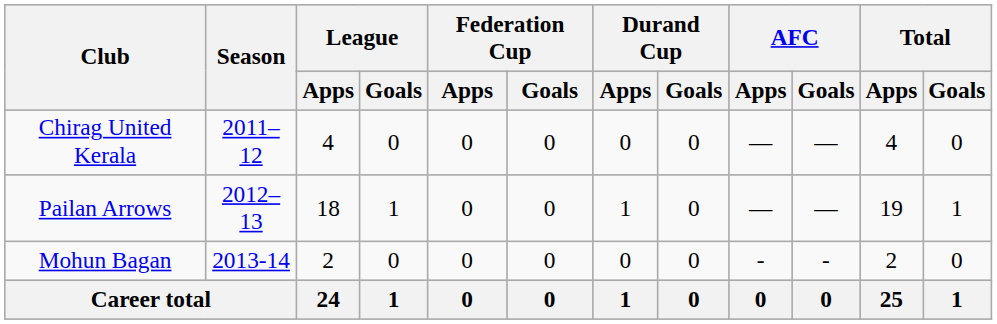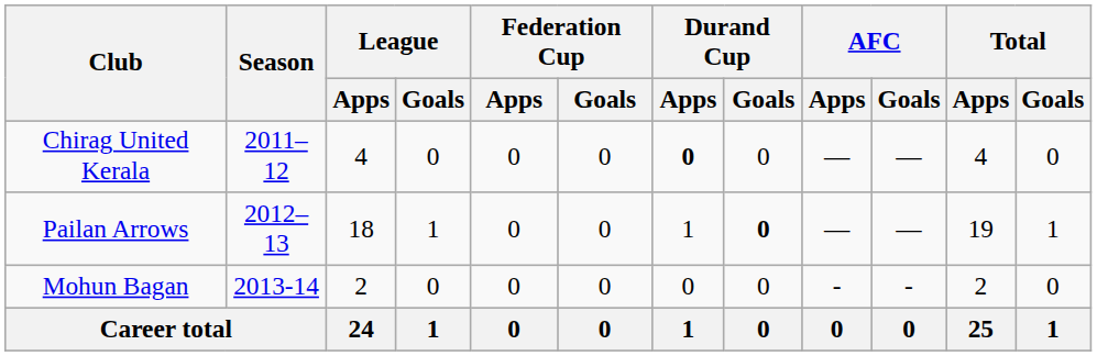 <table class="wikitable" style="font-size:90%; text-align:center;">
 <tr>
 <th rowspan="2">Club</th>
 <th rowspan="2">Season</th>
 <th colspan="2">League</th>
 <th colspan="2">Federation Cup</th>
 <th colspan="2">Durand Cup</th>
 <th colspan="2"><a href='#'>AFC</a></th>
 <th colspan="2">Total</th>
 </tr>
 <tr>
 <th>Apps</th>
 <th>Goals</th>
 <th>Apps</th>
 <th>Goals</th>
 <th>Apps</th>
 <th>Goals</th>
 <th>Apps</th>
 <th>Goals</th>
 <th>Apps</th>
 <th>Goals</th>
 </tr>
 <tr>
 <td rowspan="1"><a href='#'>Chirag United Kerala</a></td>
 <td><a href='#'>2011–12</a></td>
 <td>4</td>
 <td>0</td>
 <td>0</td>
 <td>0</td>
-<td>0</td>
+<td><strong>0</strong></td>
 <td>0</td>
 <td>—</td>
 <td>—</td>
 <td>4</td>
 <td>0</td>
 </tr>
 <tr>
 <td rowspan="1"><a href='#'>Pailan Arrows</a></td>
 <td><a href='#'>2012–13</a></td>
 <td>18</td>
 <td>1</td>
 <td>0</td>
 <td>0</td>
 <td>1</td>
-<td>0</td>
+<td><strong>0</strong></td>
 <td>—</td>
 <td>—</td>
 <td>19</td>
 <td>1</td>
 </tr>
 <tr>
 <td><a href='#'>Mohun Bagan</a></td>
 <td><a href='#'>2013-14</a></td>
 <td>2</td>
 <td>0</td>
 <td>0</td>
 <td>0</td>
 <td>0</td>
 <td>0</td>
 <td>-</td>
 <td>-</td>
 <td>2</td>
 <td>0</td>
 </tr>
 <tr>
 <th colspan="2">Career total</th>
 <th>24</th>
 <th>1</th>
 <th>0</th>
 <th>0</th>
 <th>1</th>
 <th>0</th>
 <th>0</th>
 <th>0</th>
 <th>25</th>
 <th>1</th>
 </tr>
 </table>
